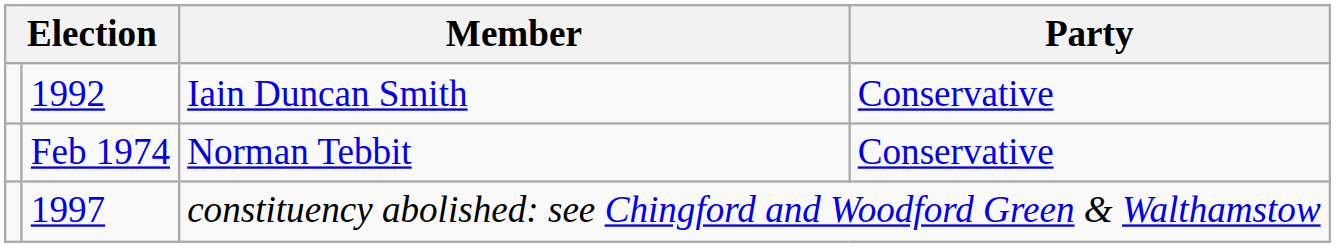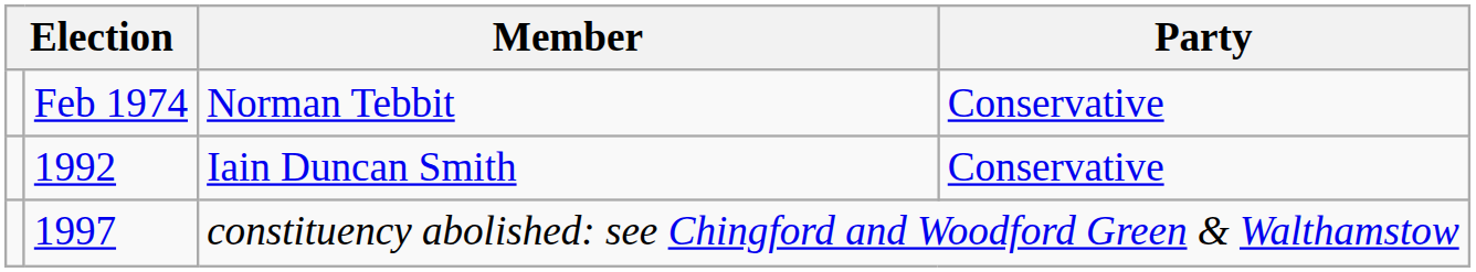 <table class="wikitable">
 <tr>
 <th colspan="2">Election</th>
 <th>Member</th>
 <th>Party</th>
 </tr>
 <tr>
 <td style="color:inherit;background-color: "></td>
-<td><a href='#'>1992</a></td>
-<td><a href='#'>Iain Duncan Smith</a></td>
+<td><a href='#'>Feb 1974</a></td>
+<td><a href='#'>Norman Tebbit</a></td>
 <td><a href='#'>Conservative</a></td>
 </tr>
 <tr>
 <td style="color:inherit;background-color: "></td>
-<td><a href='#'>Feb 1974</a></td>
-<td><a href='#'>Norman Tebbit</a></td>
+<td><a href='#'>1992</a></td>
+<td><a href='#'>Iain Duncan Smith</a></td>
 <td><a href='#'>Conservative</a></td>
 </tr>
 <tr>
 <td></td>
 <td><a href='#'>1997</a></td>
 <td colspan="2"><em>constituency abolished: see <a href='#'>Chingford and Woodford Green</a> & <a href='#'>Walthamstow</a></em></td>
 </tr>
 </table>
